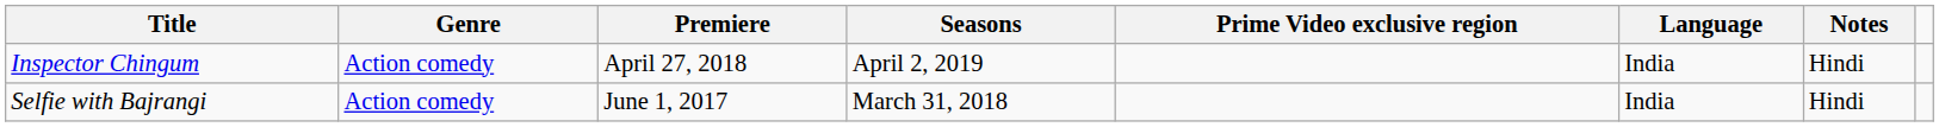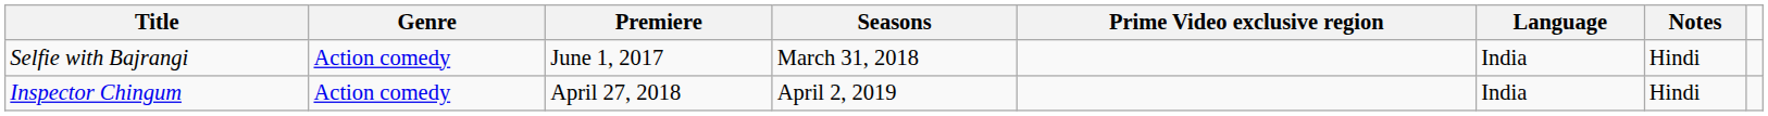 <table class="wikitable sortable" style="width:100%;">
 <tr>
 <th>Title</th>
 <th>Genre</th>
 <th>Premiere</th>
 <th>Seasons</th>
 <th>Prime Video exclusive region</th>
 <th>Language</th>
 <th>Notes</th>
 </tr>
 <tr>
+<td><em>Selfie with Bajrangi</em></td>
+<td><a href='#'>Action comedy</a></td>
+<td>June 1, 2017</td>
+<td>March 31, 2018</td>
+<td></td>
+<td>India</td>
+<td>Hindi</td>
+<td></td>
+</tr>
+<tr>
 <td><em><a href='#'>Inspector Chingum</a></em></td>
 <td><a href='#'>Action comedy</a></td>
 <td>April 27, 2018</td>
 <td>April 2, 2019</td>
 <td></td>
 <td>India</td>
 <td>Hindi</td>
 <td></td>
 </tr>
-<tr>
-<td><em>Selfie with Bajrangi</em></td>
-<td><a href='#'>Action comedy</a></td>
-<td>June 1, 2017</td>
-<td>March 31, 2018</td>
-<td></td>
-<td>India</td>
-<td>Hindi</td>
-<td></td>
-</tr>
 </table>
